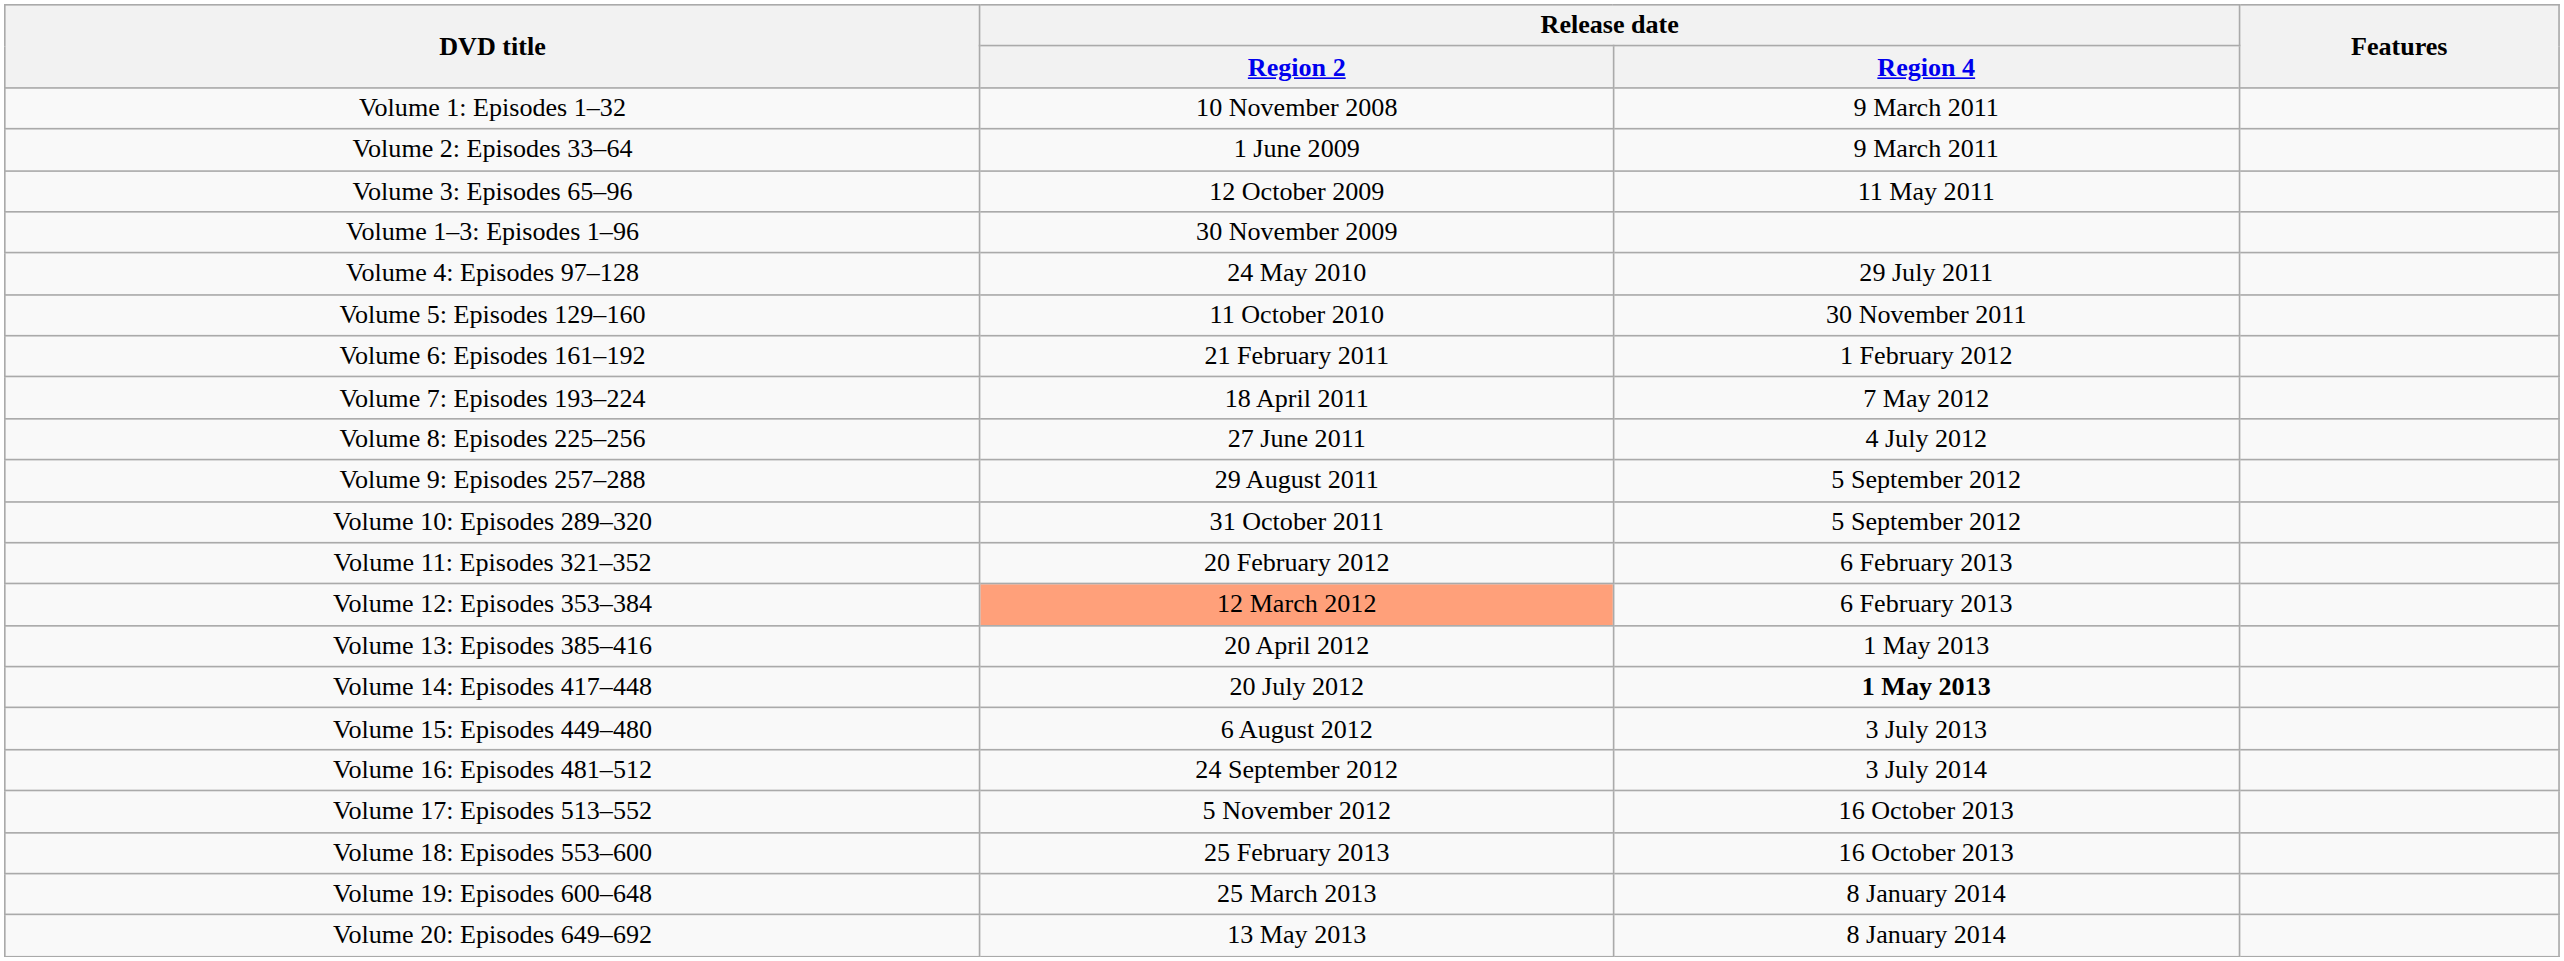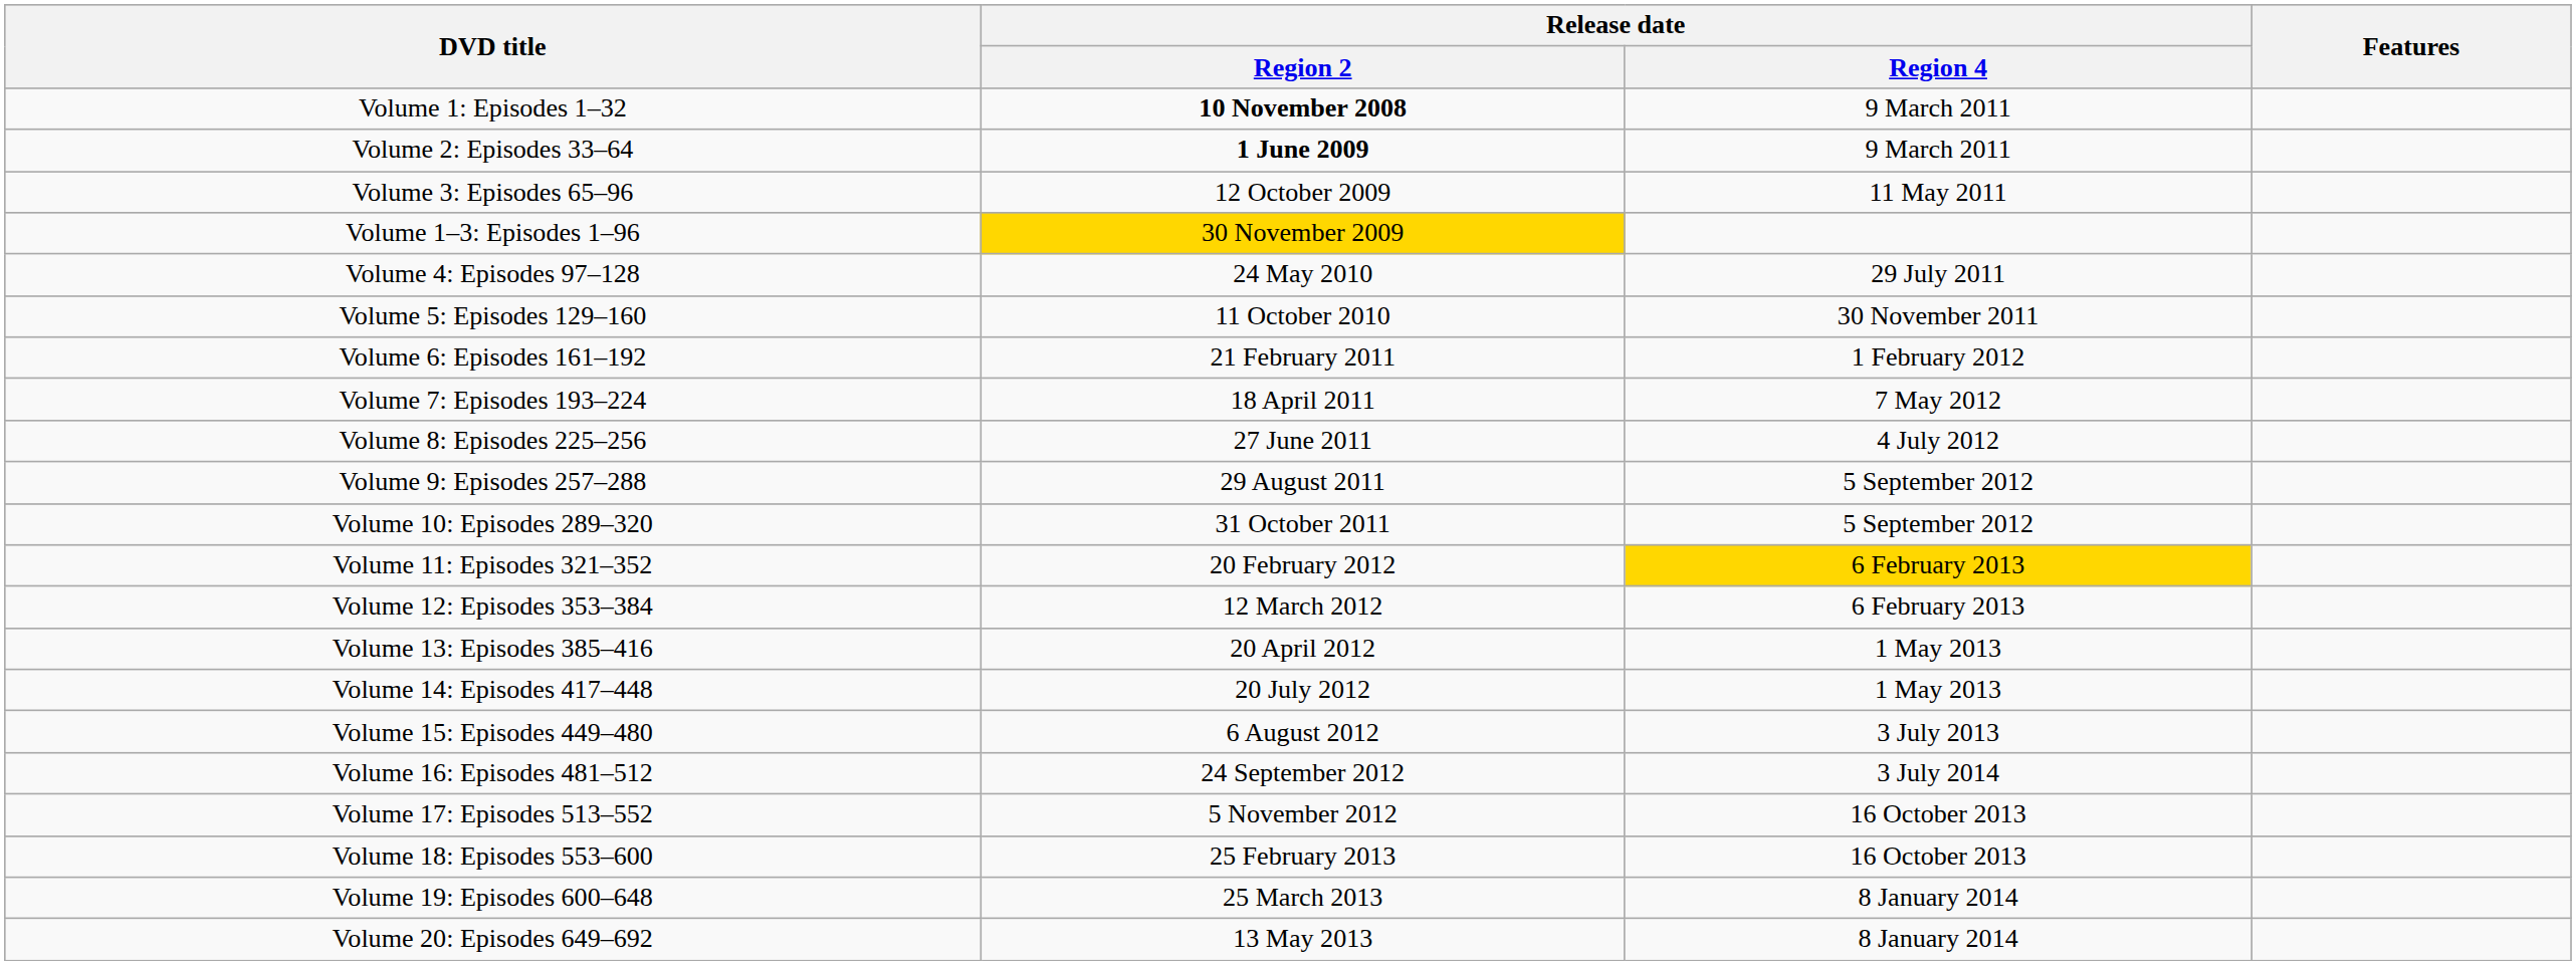 <table class="wikitable" style="width:99%; text-align:center;">
 <tr>
 <th rowspan="2">DVD title</th>
 <th colspan="2">Release date</th>
 <th rowspan="2">Features</th>
 </tr>
 <tr>
 <th><a href='#'>Region 2</a></th>
 <th><a href='#'>Region 4</a></th>
 </tr>
 <tr>
 <td>Volume 1: Episodes 1–32</td>
-<td>10 November 2008</td>
+<td><strong>10 November 2008</strong></td>
 <td>9 March 2011</td>
 <td></td>
 </tr>
 <tr>
 <td>Volume 2: Episodes 33–64</td>
-<td>1 June 2009</td>
+<td><strong>1 June 2009</strong></td>
 <td>9 March 2011</td>
 <td></td>
 </tr>
 <tr>
 <td>Volume 3: Episodes 65–96</td>
 <td>12 October 2009</td>
 <td>11 May 2011</td>
 <td></td>
 </tr>
 <tr>
 <td>Volume 1–3: Episodes 1–96</td>
-<td>30 November 2009</td>
+<td style="background: gold;">30 November 2009</td>
 <td></td>
 <td></td>
 </tr>
 <tr>
 <td>Volume 4: Episodes 97–128</td>
 <td>24 May 2010</td>
 <td>29 July 2011</td>
 <td></td>
 </tr>
 <tr>
 <td>Volume 5: Episodes 129–160</td>
 <td>11 October 2010</td>
 <td>30 November 2011</td>
 <td></td>
 </tr>
 <tr>
 <td>Volume 6: Episodes 161–192</td>
 <td>21 February 2011</td>
 <td>1 February 2012</td>
 <td></td>
 </tr>
 <tr>
 <td>Volume 7: Episodes 193–224</td>
 <td>18 April 2011</td>
 <td>7 May 2012</td>
 <td></td>
 </tr>
 <tr>
 <td>Volume 8: Episodes 225–256</td>
 <td>27 June 2011</td>
 <td>4 July 2012</td>
 <td></td>
 </tr>
 <tr>
 <td>Volume 9: Episodes 257–288</td>
 <td>29 August 2011</td>
 <td>5 September 2012</td>
 <td></td>
 </tr>
 <tr>
 <td>Volume 10: Episodes 289–320</td>
 <td>31 October 2011</td>
 <td>5 September 2012</td>
 <td></td>
 </tr>
 <tr>
 <td>Volume 11: Episodes 321–352</td>
 <td>20 February 2012</td>
-<td>6 February 2013</td>
+<td style="background: gold;">6 February 2013</td>
 <td></td>
 </tr>
 <tr>
 <td>Volume 12: Episodes 353–384</td>
-<td style="background: lightsalmon;">12 March 2012</td>
+<td>12 March 2012</td>
 <td>6 February 2013</td>
 <td></td>
 </tr>
 <tr>
 <td>Volume 13: Episodes 385–416</td>
 <td>20 April 2012</td>
 <td>1 May 2013</td>
 <td></td>
 </tr>
 <tr>
 <td>Volume 14: Episodes 417–448</td>
 <td>20 July 2012</td>
-<td><strong>1 May 2013</strong></td>
+<td>1 May 2013</td>
 <td></td>
 </tr>
 <tr>
 <td>Volume 15: Episodes 449–480</td>
 <td>6 August 2012</td>
 <td>3 July 2013</td>
 <td></td>
 </tr>
 <tr>
 <td>Volume 16: Episodes 481–512</td>
 <td>24 September 2012</td>
 <td>3 July 2014</td>
 <td></td>
 </tr>
 <tr>
 <td>Volume 17: Episodes 513–552</td>
 <td>5 November 2012</td>
 <td>16 October 2013</td>
 <td></td>
 </tr>
 <tr>
 <td>Volume 18: Episodes 553–600</td>
 <td>25 February 2013</td>
 <td>16 October 2013</td>
 <td></td>
 </tr>
 <tr>
 <td>Volume 19: Episodes 600–648</td>
 <td>25 March 2013</td>
 <td>8 January 2014</td>
 <td></td>
 </tr>
 <tr>
 <td>Volume 20: Episodes 649–692</td>
 <td>13 May 2013</td>
 <td>8 January 2014</td>
 <td></td>
 </tr>
 </table>
